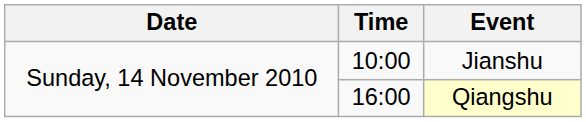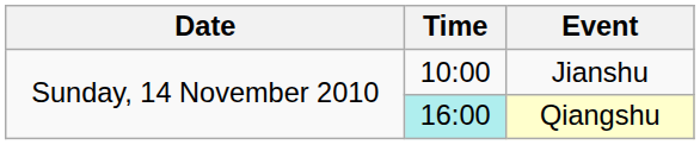 <table class = "wikitable" style="text-align:center;">
 <tr>
 <th width=220>Date</th>
 <th width=50>Time</th>
 <th width=100>Event</th>
 </tr>
 <tr>
 <td rowspan=2>Sunday, 14 November 2010</td>
 <td>10:00</td>
 <td>Jianshu</td>
 </tr>
 <tr>
-<td>16:00</td>
+<td style="background: paleturquoise;">16:00</td>
 <td bgcolor=ffffcc>Qiangshu</td>
 </tr>
 </table>
